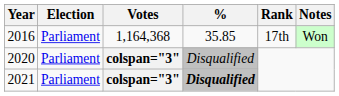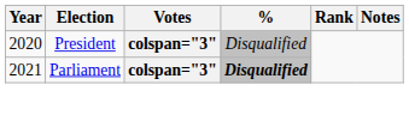 <table class="wikitable" style="text-align:center;">
 <tr>
 <th>Year</th>
 <th>Election</th>
 <th>Votes</th>
 <th>%</th>
 <th>Rank</th>
 <th>Notes</th>
 </tr>
 <tr>
-<td>2016</td>
-<td><a href='#'>Parliament</a></td>
-<td>1,164,368</td>
-<td>35.85</td>
-<td>17th</td>
-<td style="background:#cfc;">Won</td>
-</tr>
-<tr>
 <td>2020</td>
-<td><a href='#'>Parliament</a></td>
+<td><a href='#'>President</a></td>
 <th>colspan="3" </th>
 <td style="background:silver;"><em>Disqualified</em></td>
 </tr>
 <tr>
 <td>2021</td>
 <td><a href='#'>Parliament</a></td>
 <th>colspan="3" </th>
 <td style="background:silver;"><strong><em>Disqualified</em></strong></td>
 </tr>
 </table>
